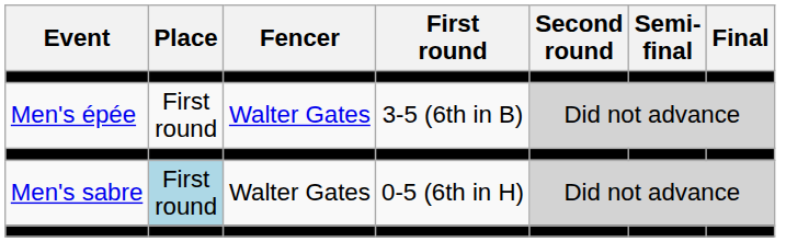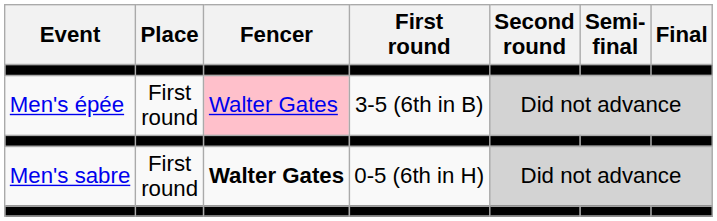 <table class=wikitable>
 <tr>
 <th>Event</th>
 <th>Place</th>
 <th>Fencer</th>
 <th>First <br> round</th>
 <th>Second <br> round</th>
 <th>Semi-<br>final</th>
 <th>Final</th>
 </tr>
 <tr bgcolor=black>
 <td></td>
 <td></td>
 <td></td>
 <td></td>
 <td></td>
 <td></td>
 <td></td>
 </tr>
 <tr align=center>
 <td align=left><a href='#'>Men's épée</a></td>
 <td>First <br> round</td>
-<td align=left><a href='#'>Walter Gates</a></td>
+<td align=left style="background: pink;"><a href='#'>Walter Gates</a></td>
 <td>3-5 (6th in B)</td>
 <td colspan=3 bgcolor=lightgray>Did not advance</td>
 </tr>
 <tr bgcolor=black>
 <td></td>
 <td></td>
 <td></td>
 <td></td>
 <td></td>
 <td></td>
 <td></td>
 </tr>
 <tr align=center>
 <td align=left><a href='#'>Men's sabre</a></td>
-<td style="background: lightblue;">First <br> round</td>
-<td align=left>Walter Gates</td>
+<td>First <br> round</td>
+<td align=left><strong>Walter Gates</strong></td>
 <td>0-5 (6th in H)</td>
 <td colspan=3 bgcolor=lightgray>Did not advance</td>
 </tr>
 <tr bgcolor=black>
 <td></td>
 <td></td>
 <td></td>
 <td></td>
 <td></td>
 <td></td>
 <td></td>
 </tr>
 </table>
